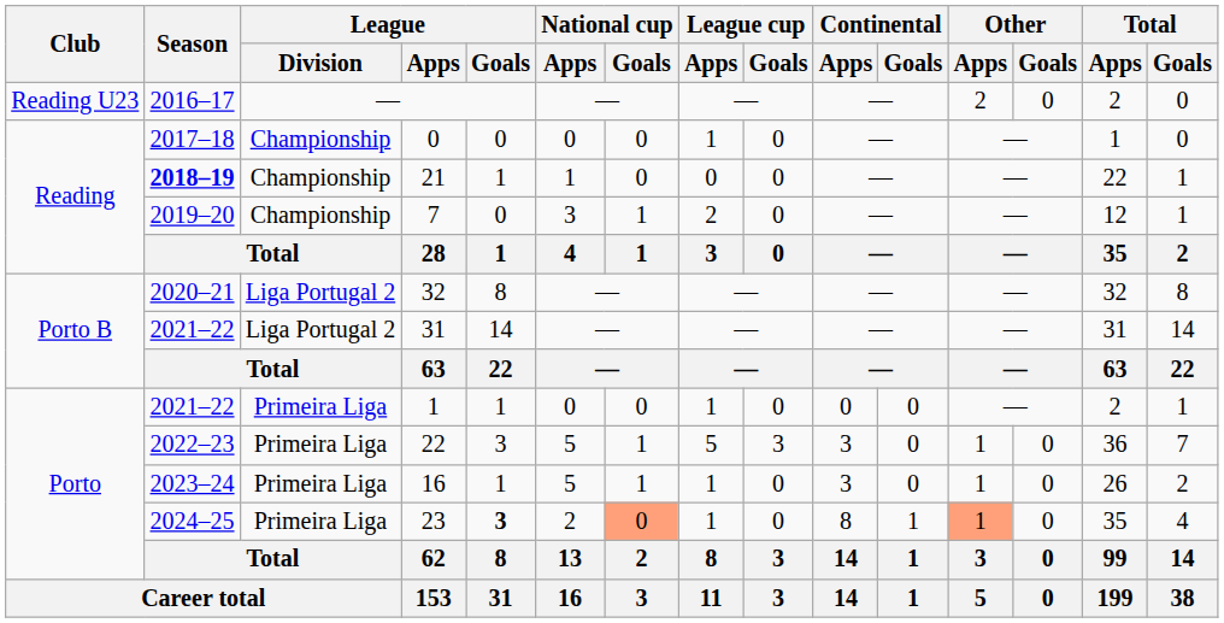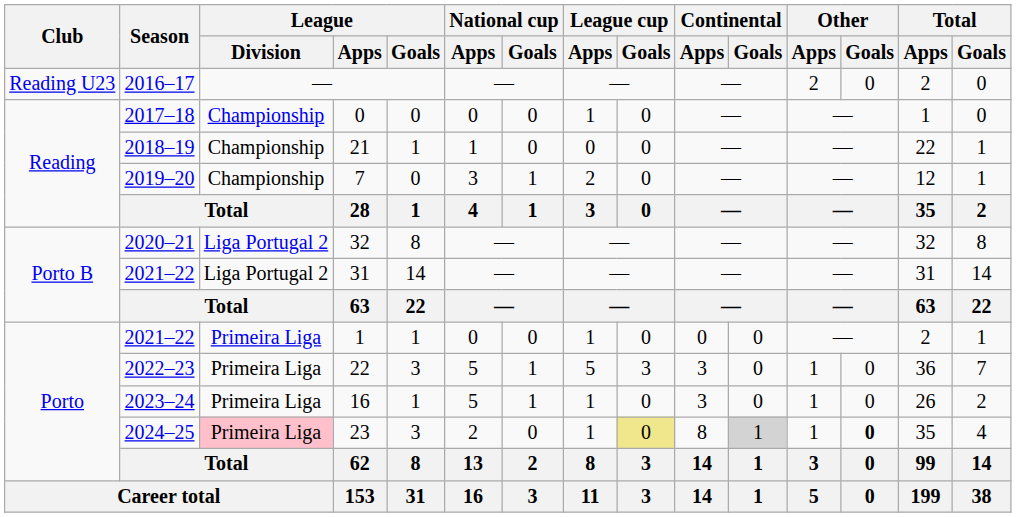 <table class=wikitable style="text-align: center;">
 <tr>
 <th rowspan=2>Club</th>
 <th rowspan=2>Season</th>
 <th colspan=3>League</th>
 <th colspan=2>National cup</th>
 <th colspan=2>League cup</th>
 <th colspan=2>Continental</th>
 <th colspan=2>Other</th>
 <th colspan=2>Total</th>
 </tr>
 <tr>
 <th>Division</th>
 <th>Apps</th>
 <th>Goals</th>
 <th>Apps</th>
 <th>Goals</th>
 <th>Apps</th>
 <th>Goals</th>
 <th>Apps</th>
 <th>Goals</th>
 <th>Apps</th>
 <th>Goals</th>
 <th>Apps</th>
 <th>Goals</th>
 </tr>
 <tr>
 <td><a href='#'>Reading U23</a></td>
 <td><a href='#'>2016–17</a></td>
 <td colspan="3">—</td>
 <td colspan="2">—</td>
 <td colspan="2">—</td>
 <td colspan="2">—</td>
 <td>2</td>
 <td>0</td>
 <td>2</td>
 <td>0</td>
 </tr>
 <tr>
 <td rowspan="4"><a href='#'>Reading</a></td>
 <td><a href='#'>2017–18</a></td>
 <td><a href='#'>Championship</a></td>
 <td>0</td>
 <td>0</td>
 <td>0</td>
 <td>0</td>
 <td>1</td>
 <td>0</td>
 <td colspan="2">—</td>
 <td colspan="2">—</td>
 <td>1</td>
 <td>0</td>
 </tr>
 <tr>
-<td><strong><a href='#'>2018–19</a></strong></td>
+<td><a href='#'>2018–19</a></td>
 <td>Championship</td>
 <td>21</td>
 <td>1</td>
 <td>1</td>
 <td>0</td>
 <td>0</td>
 <td>0</td>
 <td colspan="2">—</td>
 <td colspan="2">—</td>
 <td>22</td>
 <td>1</td>
 </tr>
 <tr>
 <td><a href='#'>2019–20</a></td>
 <td>Championship</td>
 <td>7</td>
 <td>0</td>
 <td>3</td>
 <td>1</td>
 <td>2</td>
 <td>0</td>
 <td colspan="2">—</td>
 <td colspan="2">—</td>
 <td>12</td>
 <td>1</td>
 </tr>
 <tr>
 <th colspan="2">Total</th>
 <th>28</th>
 <th>1</th>
 <th>4</th>
 <th>1</th>
 <th>3</th>
 <th>0</th>
 <th colspan="2">—</th>
 <th colspan="2">—</th>
 <th>35</th>
 <th>2</th>
 </tr>
 <tr>
 <td rowspan="3"><a href='#'>Porto B</a></td>
 <td><a href='#'>2020–21</a></td>
 <td><a href='#'>Liga Portugal 2</a></td>
 <td>32</td>
 <td>8</td>
 <td colspan="2">—</td>
 <td colspan="2">—</td>
 <td colspan="2">—</td>
 <td colspan="2">—</td>
 <td>32</td>
 <td>8</td>
 </tr>
 <tr>
 <td><a href='#'>2021–22</a></td>
 <td>Liga Portugal 2</td>
 <td>31</td>
 <td>14</td>
 <td colspan="2">—</td>
 <td colspan="2">—</td>
 <td colspan="2">—</td>
 <td colspan="2">—</td>
 <td>31</td>
 <td>14</td>
 </tr>
 <tr>
 <th colspan="2">Total</th>
 <th>63</th>
 <th>22</th>
 <th colspan="2">—</th>
 <th colspan="2">—</th>
 <th colspan="2">—</th>
 <th colspan="2">—</th>
 <th>63</th>
 <th>22</th>
 </tr>
 <tr>
 <td rowspan="5"><a href='#'>Porto</a></td>
 <td><a href='#'>2021–22</a></td>
 <td><a href='#'>Primeira Liga</a></td>
 <td>1</td>
 <td>1</td>
 <td>0</td>
 <td>0</td>
 <td>1</td>
 <td>0</td>
 <td>0</td>
 <td>0</td>
 <td colspan="2">—</td>
 <td>2</td>
 <td>1</td>
 </tr>
 <tr>
 <td><a href='#'>2022–23</a></td>
 <td>Primeira Liga</td>
 <td>22</td>
 <td>3</td>
 <td>5</td>
 <td>1</td>
 <td>5</td>
 <td>3</td>
 <td>3</td>
 <td>0</td>
 <td>1</td>
 <td>0</td>
 <td>36</td>
 <td>7</td>
 </tr>
 <tr>
 <td><a href='#'>2023–24</a></td>
 <td>Primeira Liga</td>
 <td>16</td>
 <td>1</td>
 <td>5</td>
 <td>1</td>
 <td>1</td>
 <td>0</td>
 <td>3</td>
 <td>0</td>
 <td>1</td>
 <td>0</td>
 <td>26</td>
 <td>2</td>
 </tr>
 <tr>
 <td><a href='#'>2024–25</a></td>
-<td>Primeira Liga</td>
+<td style="background: pink;">Primeira Liga</td>
 <td>23</td>
-<td><strong>3</strong></td>
+<td>3</td>
 <td>2</td>
-<td style="background: lightsalmon;">0</td>
+<td>0</td>
 <td>1</td>
-<td>0</td>
+<td style="background: khaki;">0</td>
 <td>8</td>
+<td style="background: lightgrey;">1</td>
 <td>1</td>
-<td style="background: lightsalmon;">1</td>
-<td>0</td>
+<td><strong>0</strong></td>
 <td>35</td>
 <td>4</td>
 </tr>
 <tr>
 <th colspan="2">Total</th>
 <th>62</th>
 <th>8</th>
 <th>13</th>
 <th>2</th>
 <th>8</th>
 <th>3</th>
 <th>14</th>
 <th>1</th>
 <th>3</th>
 <th>0</th>
 <th>99</th>
 <th>14</th>
 </tr>
 <tr>
 <th colspan="3">Career total</th>
 <th>153</th>
 <th>31</th>
 <th>16</th>
 <th>3</th>
 <th>11</th>
 <th>3</th>
 <th>14</th>
 <th>1</th>
 <th>5</th>
 <th>0</th>
 <th>199</th>
 <th>38</th>
 </tr>
 </table>
